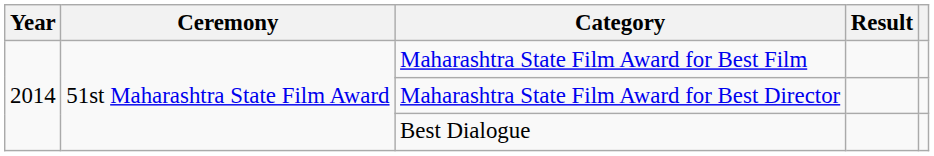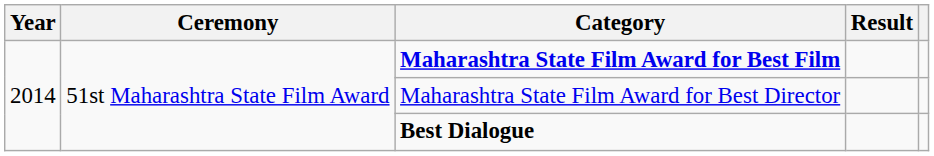 <table class="wikitable">
 <tr>
 <th>Year</th>
 <th>Ceremony</th>
 <th>Category</th>
 <th>Result</th>
 <th></th>
 </tr>
 <tr>
 <td Rowspan="3">2014</td>
 <td Rowspan="3">51st <a href='#'>Maharashtra State Film Award</a></td>
-<td><a href='#'>Maharashtra State Film Award for Best Film</a></td>
+<td><strong><a href='#'>Maharashtra State Film Award for Best Film</a></strong></td>
 <td></td>
 <td></td>
 </tr>
 <tr>
 <td><a href='#'>Maharashtra State Film Award for Best Director</a></td>
 <td></td>
 <td></td>
 </tr>
 <tr>
-<td>Best Dialogue</td>
+<td><strong>Best Dialogue</strong></td>
 <td></td>
 <td></td>
 </tr>
 </table>
